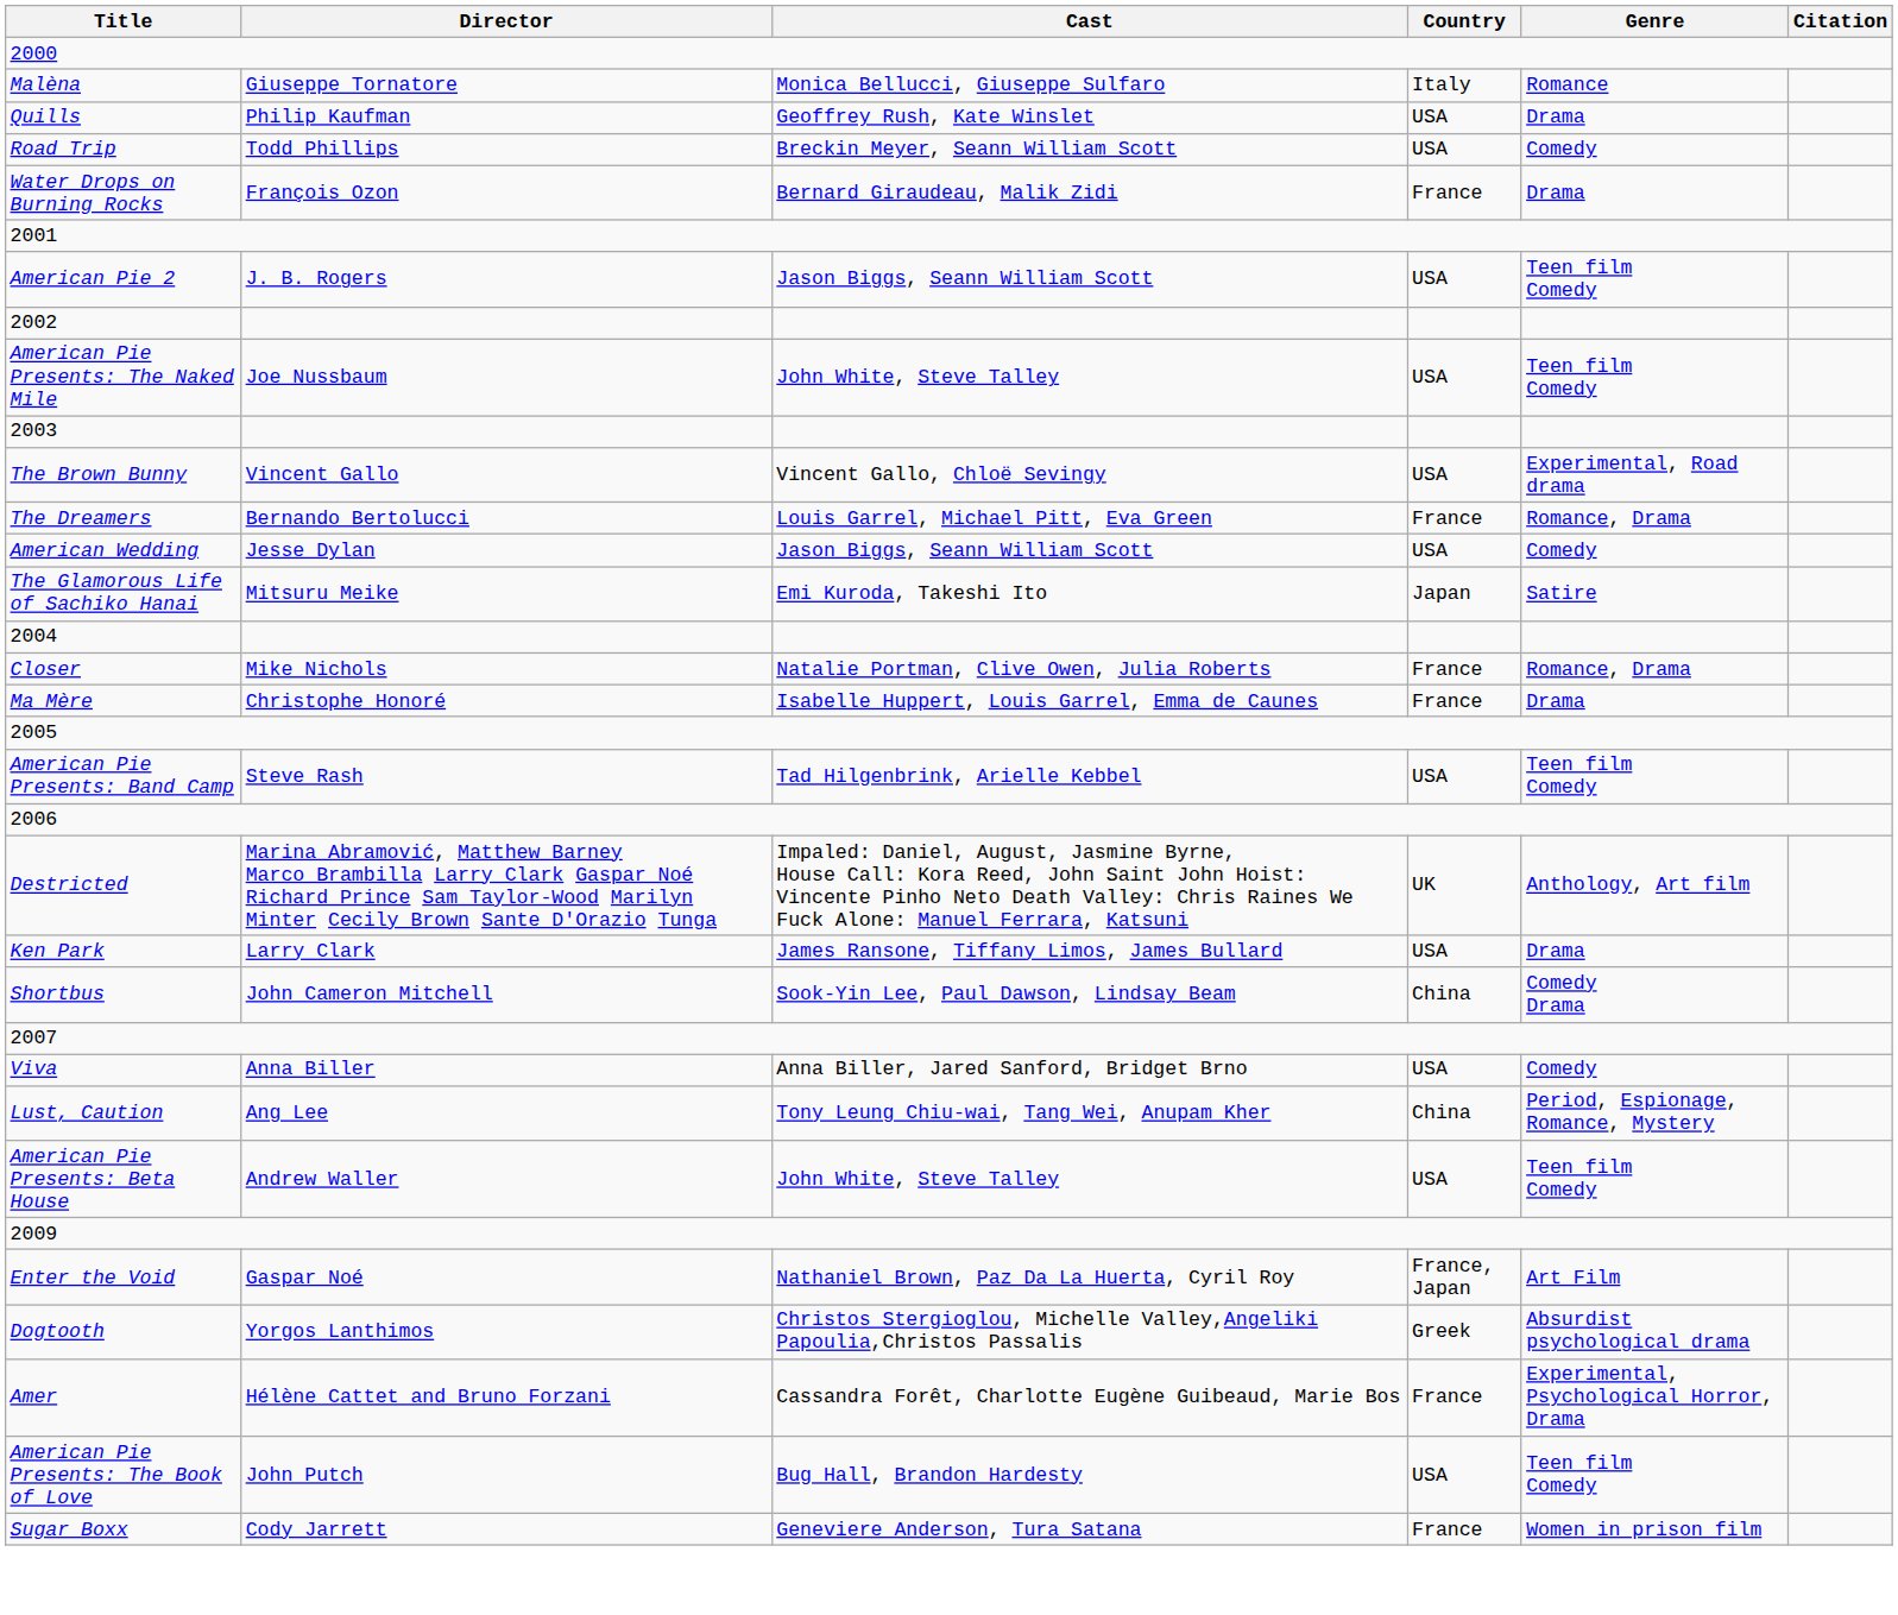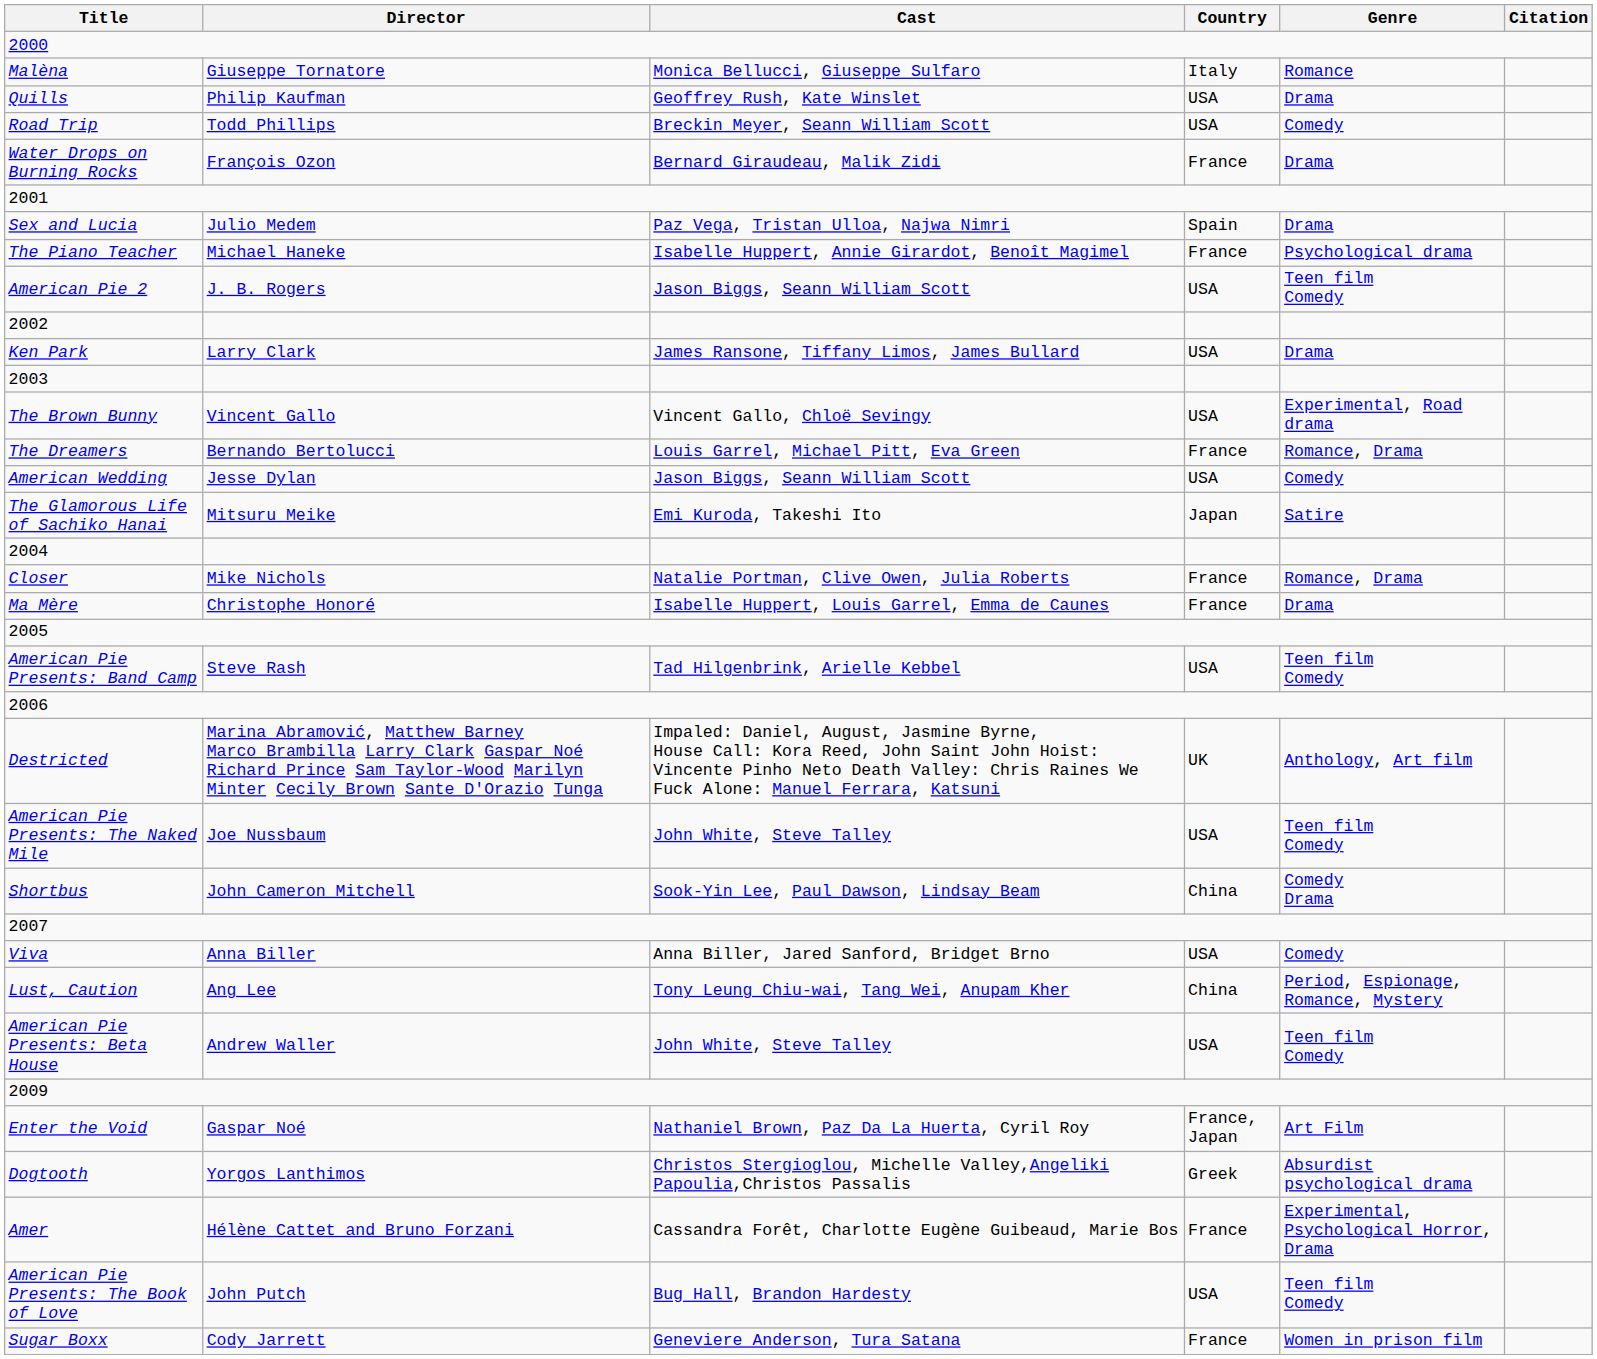 <table class="wikitable sortable">
 <tr>
 <th>Title</th>
 <th>Director</th>
 <th>Cast</th>
 <th>Country</th>
 <th>Genre</th>
 <th>Citation</th>
 </tr>
 <tr>
 <td colspan="6" ><span><a href='#'>2000</a></span></td>
 </tr>
 <tr>
 <td><em><a href='#'>Malèna</a></em></td>
 <td><a href='#'>Giuseppe Tornatore</a></td>
 <td><a href='#'>Monica Bellucci</a>, <a href='#'>Giuseppe Sulfaro</a></td>
 <td>Italy</td>
 <td><a href='#'>Romance</a></td>
 <td></td>
 </tr>
 <tr>
 <td><em><a href='#'>Quills</a></em></td>
 <td><a href='#'>Philip Kaufman</a></td>
 <td><a href='#'>Geoffrey Rush</a>, <a href='#'>Kate Winslet</a></td>
 <td>USA</td>
 <td><a href='#'>Drama</a></td>
 <td></td>
 </tr>
 <tr>
 <td><em><a href='#'>Road Trip</a></em></td>
 <td><a href='#'>Todd Phillips</a></td>
 <td><a href='#'>Breckin Meyer</a>, <a href='#'>Seann William Scott</a></td>
 <td>USA</td>
 <td><a href='#'>Comedy</a></td>
 <td></td>
 </tr>
 <tr>
 <td><em><a href='#'>Water Drops on Burning Rocks</a></em></td>
 <td><a href='#'>François Ozon</a></td>
 <td><a href='#'>Bernard Giraudeau</a>, <a href='#'>Malik Zidi</a></td>
 <td>France</td>
 <td><a href='#'>Drama</a></td>
 <td></td>
 </tr>
 <tr>
 <td colspan="6">2001</td>
 </tr>
 <tr>
+<td><em><a href='#'>Sex and Lucia</a></em></td>
+<td><a href='#'>Julio Medem</a></td>
+<td><a href='#'>Paz Vega</a>, <a href='#'>Tristan Ulloa</a>, <a href='#'>Najwa Nimri</a></td>
+<td>Spain</td>
+<td><a href='#'>Drama</a></td>
+<td></td>
+</tr>
+<tr>
+<td><a href='#'><em>The Piano Teacher</em></a></td>
+<td><a href='#'>Michael Haneke</a></td>
+<td><a href='#'>Isabelle Huppert</a>, <a href='#'>Annie Girardot</a>, <a href='#'>Benoît Magimel</a></td>
+<td>France</td>
+<td><a href='#'>Psychological drama</a></td>
+<td></td>
+</tr>
+<tr>
 <td><em><a href='#'>American Pie 2</a></em></td>
 <td><a href='#'>J. B. Rogers</a></td>
 <td><a href='#'>Jason Biggs</a>, <a href='#'>Seann William Scott</a></td>
 <td>USA</td>
 <td><a href='#'>Teen film</a><br><a href='#'>Comedy</a></td>
 <td></td>
 </tr>
 <tr>
 <td>2002</td>
 <td></td>
 <td></td>
 <td></td>
 <td></td>
 <td></td>
 </tr>
 <tr>
-<td><em><a href='#'>American Pie Presents: The Naked Mile</a></em></td>
-<td><a href='#'>Joe Nussbaum</a></td>
-<td><a href='#'>John White</a>, <a href='#'>Steve Talley</a></td>
+<td><em><a href='#'>Ken Park</a></em></td>
+<td><a href='#'>Larry Clark</a></td>
+<td><a href='#'>James Ransone</a>, <a href='#'>Tiffany Limos</a>, <a href='#'>James Bullard</a></td>
 <td>USA</td>
-<td><a href='#'>Teen film</a><br><a href='#'>Comedy</a></td>
+<td><a href='#'>Drama</a></td>
 <td></td>
 </tr>
 <tr>
 <td>2003</td>
 <td></td>
 <td></td>
 <td></td>
 <td></td>
 <td></td>
 </tr>
 <tr>
 <td><em><a href='#'>The Brown Bunny</a></em></td>
 <td><a href='#'>Vincent Gallo</a></td>
 <td>Vincent Gallo, <a href='#'>Chloë Sevingy</a></td>
 <td>USA</td>
 <td><a href='#'>Experimental</a>, <a href='#'>Road</a> <a href='#'>drama</a></td>
 <td></td>
 </tr>
 <tr>
 <td><em><a href='#'>The Dreamers</a></em></td>
 <td><a href='#'>Bernando Bertolucci</a></td>
 <td><a href='#'>Louis Garrel</a>, <a href='#'>Michael Pitt</a>, <a href='#'>Eva Green</a></td>
 <td>France</td>
 <td><a href='#'>Romance</a>, <a href='#'>Drama</a></td>
 <td></td>
 </tr>
 <tr>
 <td><em><a href='#'>American Wedding</a></em></td>
 <td><a href='#'>Jesse Dylan</a></td>
 <td><a href='#'>Jason Biggs</a>, <a href='#'>Seann William Scott</a></td>
 <td>USA</td>
 <td><a href='#'>Comedy</a></td>
 <td></td>
 </tr>
 <tr>
 <td><em><a href='#'>The Glamorous Life of Sachiko Hanai</a></em></td>
 <td><a href='#'>Mitsuru Meike</a></td>
 <td><a href='#'>Emi Kuroda</a>, Takeshi Ito</td>
 <td>Japan</td>
 <td><a href='#'>Satire</a></td>
 <td></td>
 </tr>
 <tr>
 <td>2004</td>
 <td></td>
 <td></td>
 <td></td>
 <td></td>
 <td></td>
 </tr>
 <tr>
 <td><em><a href='#'>Closer</a></em></td>
 <td><a href='#'>Mike Nichols</a></td>
 <td><a href='#'>Natalie Portman</a>, <a href='#'>Clive Owen</a>, <a href='#'>Julia Roberts</a></td>
 <td>France</td>
 <td><a href='#'>Romance</a>, <a href='#'>Drama</a></td>
 <td></td>
 </tr>
 <tr>
 <td><em><a href='#'>Ma Mère</a></em></td>
 <td><a href='#'>Christophe Honoré</a></td>
 <td><a href='#'>Isabelle Huppert</a>, <a href='#'>Louis Garrel</a>, <a href='#'>Emma de Caunes</a></td>
 <td>France</td>
 <td><a href='#'>Drama</a></td>
 <td></td>
 </tr>
 <tr>
 <td colspan="6">2005</td>
 </tr>
 <tr>
 <td><em><a href='#'>American Pie Presents: Band Camp</a></em></td>
 <td><a href='#'>Steve Rash</a></td>
 <td><a href='#'>Tad Hilgenbrink</a>, <a href='#'>Arielle Kebbel</a></td>
 <td>USA</td>
 <td><a href='#'>Teen film</a><br><a href='#'>Comedy</a></td>
 <td></td>
 </tr>
 <tr>
 <td colspan="6">2006</td>
 </tr>
 <tr>
 <td><em><a href='#'>Destricted</a></em></td>
 <td><a href='#'>Marina Abramović</a>, <a href='#'>Matthew Barney</a><br><a href='#'>Marco Brambilla</a> <a href='#'>Larry Clark</a> <a href='#'>Gaspar Noé</a> <a href='#'>Richard Prince</a> <a href='#'>Sam Taylor-Wood</a> <a href='#'>Marilyn Minter</a> <a href='#'>Cecily Brown</a> <a href='#'>Sante D'Orazio</a> <a href='#'>Tunga</a></td>
 <td>Impaled: Daniel, August, Jasmine Byrne,<br>House Call: Kora Reed, John Saint John Hoist: Vincente Pinho Neto Death Valley: Chris Raines We Fuck Alone: <a href='#'>Manuel Ferrara</a>, <a href='#'>Katsuni</a></td>
 <td>UK</td>
 <td><a href='#'>Anthology</a>, <a href='#'>Art film</a></td>
 <td></td>
 </tr>
 <tr>
-<td><em><a href='#'>Ken Park</a></em></td>
-<td><a href='#'>Larry Clark</a></td>
-<td><a href='#'>James Ransone</a>, <a href='#'>Tiffany Limos</a>, <a href='#'>James Bullard</a></td>
+<td><em><a href='#'>American Pie Presents: The Naked Mile</a></em></td>
+<td><a href='#'>Joe Nussbaum</a></td>
+<td><a href='#'>John White</a>, <a href='#'>Steve Talley</a></td>
 <td>USA</td>
-<td><a href='#'>Drama</a></td>
+<td><a href='#'>Teen film</a><br><a href='#'>Comedy</a></td>
 <td></td>
 </tr>
 <tr>
 <td><em><a href='#'>Shortbus</a></em></td>
 <td><a href='#'>John Cameron Mitchell</a></td>
 <td><a href='#'>Sook-Yin Lee</a>, <a href='#'>Paul Dawson</a>, <a href='#'>Lindsay Beam</a></td>
 <td>China</td>
 <td><a href='#'>Comedy</a><br><a href='#'>Drama</a></td>
 <td></td>
 </tr>
 <tr>
 <td colspan="6">2007</td>
 </tr>
 <tr>
 <td><em><a href='#'>Viva</a></em></td>
 <td><a href='#'>Anna Biller</a></td>
 <td>Anna Biller, Jared Sanford, Bridget Brno</td>
 <td>USA</td>
 <td><a href='#'>Comedy</a></td>
 <td></td>
 </tr>
 <tr>
 <td><em><a href='#'>Lust, Caution</a></em></td>
 <td><a href='#'>Ang Lee</a></td>
 <td><a href='#'>Tony Leung Chiu-wai</a>, <a href='#'>Tang Wei</a>, <a href='#'>Anupam Kher</a></td>
 <td>China</td>
 <td><a href='#'>Period</a>, <a href='#'>Espionage</a>, <a href='#'>Romance</a>, <a href='#'>Mystery</a></td>
 <td></td>
 </tr>
 <tr>
 <td><em><a href='#'>American Pie Presents: Beta House</a></em></td>
 <td><a href='#'>Andrew Waller</a></td>
 <td><a href='#'>John White</a>, <a href='#'>Steve Talley</a></td>
 <td>USA</td>
 <td><a href='#'>Teen film</a><br><a href='#'>Comedy</a></td>
 <td></td>
 </tr>
 <tr>
 <td colspan="6">2009</td>
 </tr>
 <tr>
 <td><em><a href='#'>Enter the Void</a></em></td>
 <td><a href='#'>Gaspar Noé</a></td>
 <td><a href='#'>Nathaniel Brown</a>, <a href='#'>Paz Da La Huerta</a>, Cyril Roy</td>
 <td>France, Japan</td>
 <td><a href='#'>Art Film</a></td>
 <td></td>
 </tr>
 <tr>
 <td><em><a href='#'>Dogtooth</a></em></td>
 <td><a href='#'>Yorgos Lanthimos</a></td>
 <td><a href='#'>Christos Stergioglou</a>, Michelle Valley,<a href='#'>Angeliki Papoulia</a>,Christos Passalis</td>
 <td>Greek</td>
 <td><a href='#'>Absurdist</a> <a href='#'>psychological drama</a></td>
 <td></td>
 </tr>
 <tr>
 <td><a href='#'><em>Amer</em></a></td>
 <td><a href='#'>Hélène Cattet and Bruno Forzani</a></td>
 <td>Cassandra Forêt, Charlotte Eugène Guibeaud, Marie Bos</td>
 <td>France</td>
 <td><a href='#'>Experimental</a>, <a href='#'>Psychological Horror</a>, <a href='#'>Drama</a></td>
 <td></td>
 </tr>
 <tr>
 <td><em><a href='#'>American Pie Presents: The Book of Love</a></em></td>
 <td><a href='#'>John Putch</a></td>
 <td><a href='#'>Bug Hall</a>, <a href='#'>Brandon Hardesty</a></td>
 <td>USA</td>
 <td><a href='#'>Teen film</a><br><a href='#'>Comedy</a></td>
 <td></td>
 </tr>
 <tr>
 <td><em><a href='#'>Sugar Boxx</a></em></td>
 <td><a href='#'>Cody Jarrett</a></td>
 <td><a href='#'>Geneviere Anderson</a>, <a href='#'>Tura Satana</a></td>
 <td>France</td>
 <td><a href='#'>Women in prison film</a></td>
 <td></td>
 </tr>
 </table>
